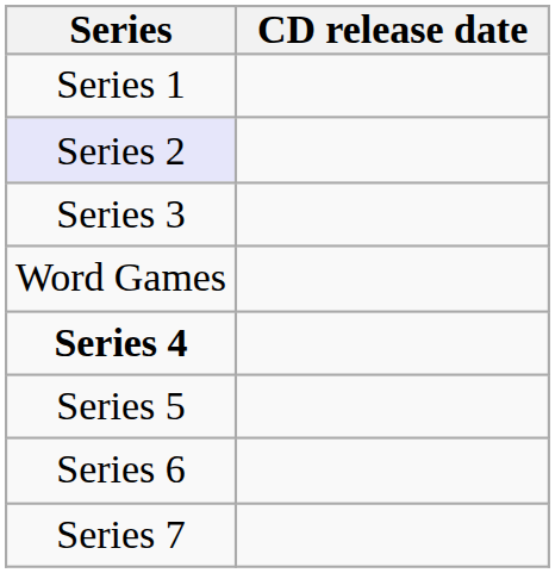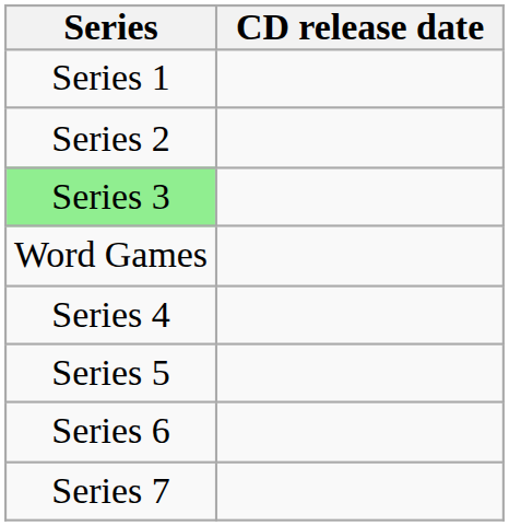 <table class="wikitable">
 <tr>
 <th style="padding:0 8px;">Series</th>
 <th style="padding:0 8px;">CD release date</th>
 </tr>
 <tr>
 <td align="center">Series 1</td>
 <td rowspan="1" align="center"></td>
 </tr>
 <tr>
-<td align="center" style="background: lavender;">Series 2</td>
+<td align="center">Series 2</td>
 <td align="center"></td>
 </tr>
 <tr>
-<td align="center">Series 3</td>
+<td align="center" style="background: lightgreen;">Series 3</td>
 <td align="center"></td>
 </tr>
 <tr>
 <td align="center">Word Games</td>
 <td align="center"></td>
 </tr>
 <tr>
-<td align="center"><strong>Series 4</strong></td>
+<td align="center">Series 4</td>
 <td align="center"></td>
 </tr>
 <tr>
 <td align="center">Series 5</td>
 <td align="center"></td>
 </tr>
 <tr>
 <td align="center">Series 6</td>
 <td align="center"></td>
 </tr>
 <tr>
 <td align="center">Series 7</td>
 <td align="center"></td>
 </tr>
 </table>
